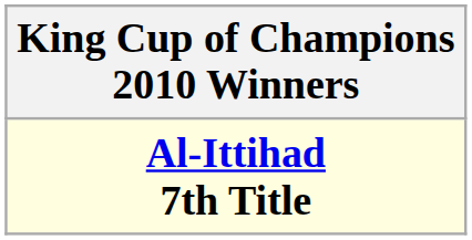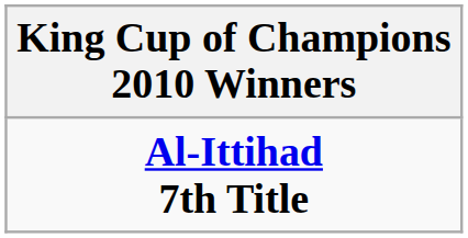 <table class="wikitable" style="text-align: center; margin: 0 auto;">
 <tr>
 <th>King Cup of Champions <br>2010 Winners</th>
 </tr>
 <tr>
-<td style="background: lightyellow;"><strong><a href='#'>Al-Ittihad</a></strong><br><strong>7th Title</strong></td>
+<td><strong><a href='#'>Al-Ittihad</a></strong><br><strong>7th Title</strong></td>
 </tr>
 </table>
